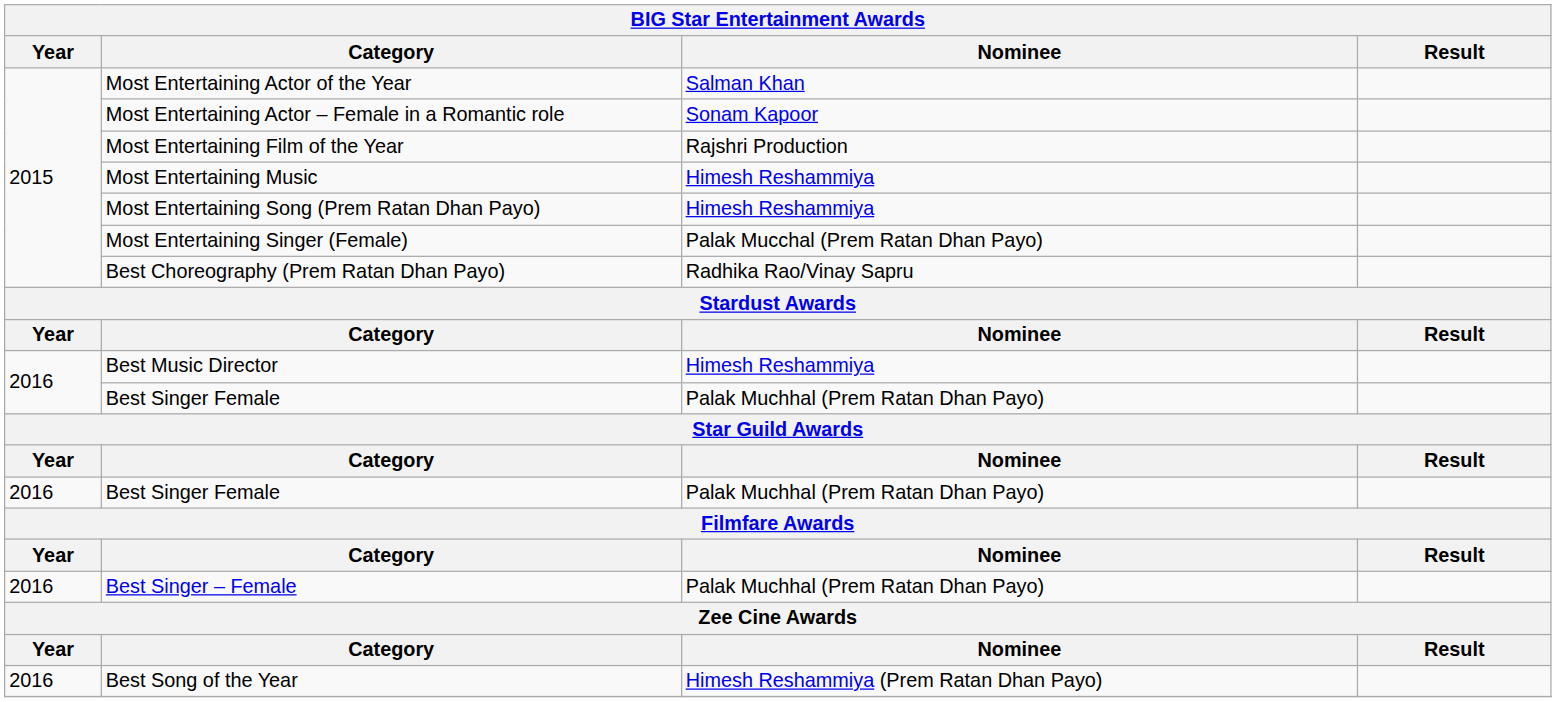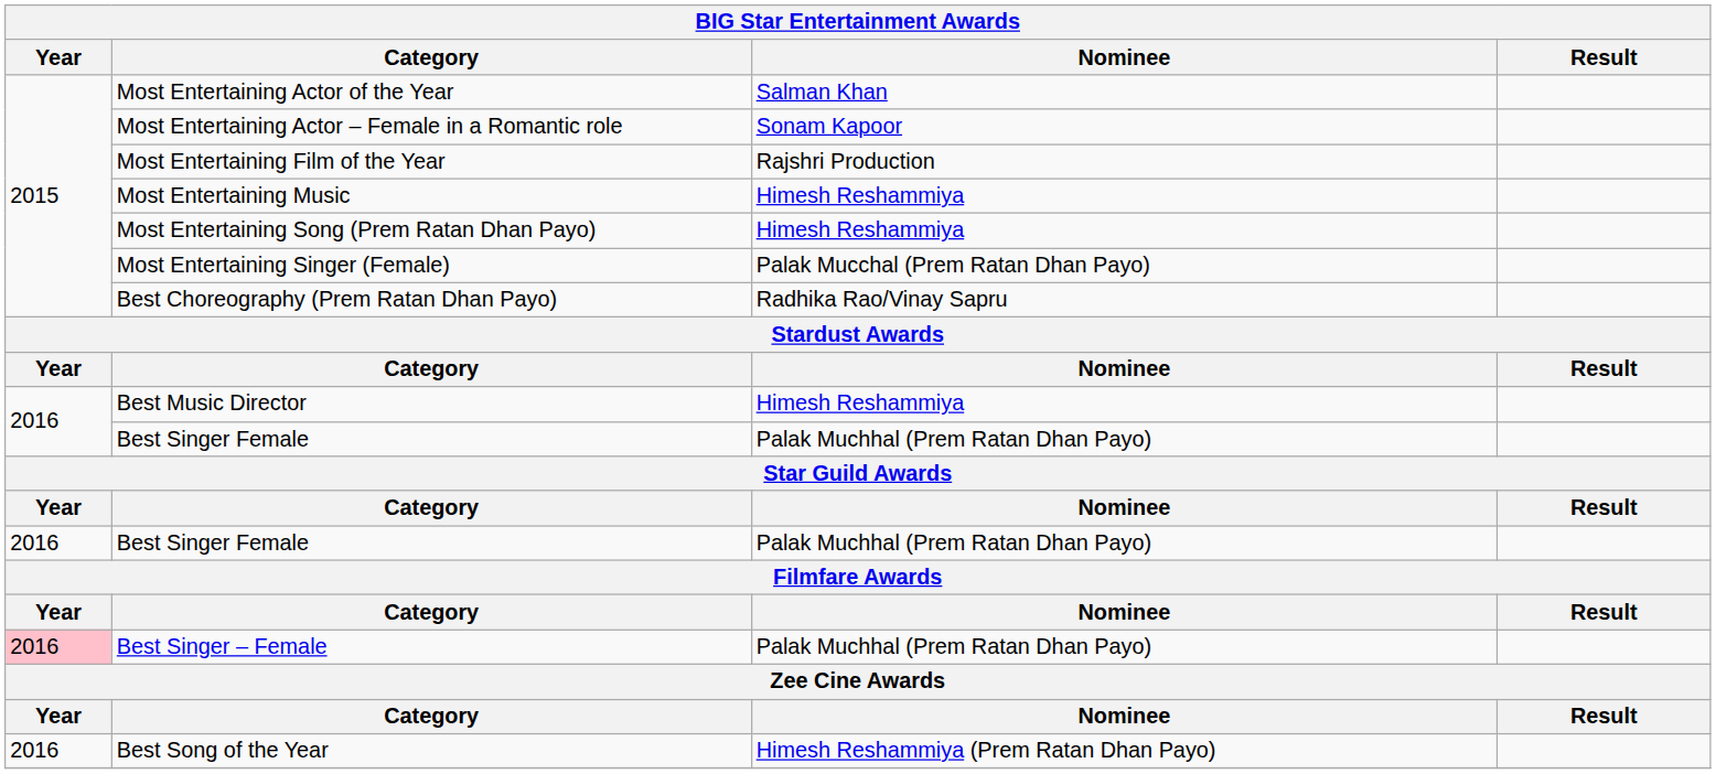 <table class="wikitable">
 <tr>
 <th colspan="6"><a href='#'>BIG Star Entertainment Awards</a></th>
 </tr>
 <tr>
 <th style="width:5%;">Year</th>
 <th style="width:30%;">Category</th>
 <th style="width:35%;">Nominee</th>
 <th style="width:10%;">Result</th>
 </tr>
 <tr>
 <td rowspan="7">2015</td>
 <td>Most Entertaining Actor of the Year</td>
 <td><a href='#'>Salman Khan</a></td>
 <td></td>
 </tr>
 <tr>
 <td>Most Entertaining Actor – Female in a Romantic role</td>
 <td><a href='#'>Sonam Kapoor</a></td>
 <td></td>
 </tr>
 <tr>
 <td>Most Entertaining Film of the Year</td>
 <td>Rajshri Production</td>
 <td></td>
 </tr>
 <tr>
 <td>Most Entertaining Music</td>
 <td><a href='#'>Himesh Reshammiya</a></td>
 <td></td>
 </tr>
 <tr>
 <td>Most Entertaining Song (Prem Ratan Dhan Payo)</td>
 <td><a href='#'>Himesh Reshammiya</a></td>
 <td></td>
 </tr>
 <tr>
 <td>Most Entertaining Singer (Female)</td>
 <td>Palak Mucchal (Prem Ratan Dhan Payo)</td>
 <td></td>
 </tr>
 <tr>
 <td>Best Choreography (Prem Ratan Dhan Payo)</td>
 <td>Radhika Rao/Vinay Sapru</td>
 <td></td>
 </tr>
 <tr>
 <th colspan="6"><a href='#'>Stardust Awards</a></th>
 </tr>
 <tr>
 <th width=5%>Year</th>
 <th style="width:30%;">Category</th>
 <th style="width:35%;">Nominee</th>
 <th style="width:10%;">Result</th>
 </tr>
 <tr>
 <td rowspan="2">2016</td>
 <td>Best Music Director</td>
 <td><a href='#'>Himesh Reshammiya</a></td>
 <td></td>
 </tr>
 <tr>
 <td>Best Singer Female</td>
 <td>Palak Muchhal (Prem Ratan Dhan Payo)</td>
 <td></td>
 </tr>
 <tr>
 <th colspan="6"><a href='#'>Star Guild Awards</a></th>
 </tr>
 <tr>
 <th width=5%>Year</th>
 <th style="width:30%;">Category</th>
 <th style="width:35%;">Nominee</th>
 <th style="width:10%;">Result</th>
 </tr>
 <tr>
 <td rowspan="1">2016</td>
 <td>Best Singer Female</td>
 <td>Palak Muchhal (Prem Ratan Dhan Payo)</td>
 <td></td>
 </tr>
 <tr>
 <th colspan="6"><a href='#'>Filmfare Awards</a></th>
 </tr>
 <tr>
 <th width=5%>Year</th>
 <th style="width:30%;">Category</th>
 <th style="width:35%;">Nominee</th>
 <th style="width:10%;">Result</th>
 </tr>
 <tr>
-<td rowspan="1">2016</td>
+<td rowspan="1" style="background: pink;">2016</td>
 <td><a href='#'>Best Singer – Female</a></td>
 <td>Palak Muchhal (Prem Ratan Dhan Payo)</td>
 <td></td>
 </tr>
 <tr>
 <th colspan="6">Zee Cine Awards</th>
 </tr>
 <tr>
 <th width=5%>Year</th>
 <th style="width:30%;">Category</th>
 <th style="width:35%;">Nominee</th>
 <th style="width:10%;">Result</th>
 </tr>
 <tr>
 <td rowspan="1">2016</td>
 <td>Best Song of the Year</td>
 <td><a href='#'>Himesh Reshammiya</a> (Prem Ratan Dhan Payo)</td>
 <td></td>
 </tr>
 <tr>
 </tr>
 </table>
